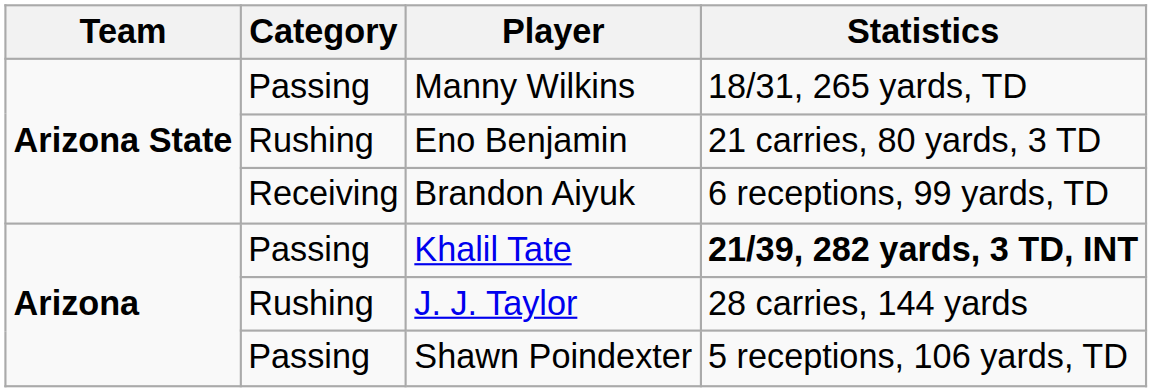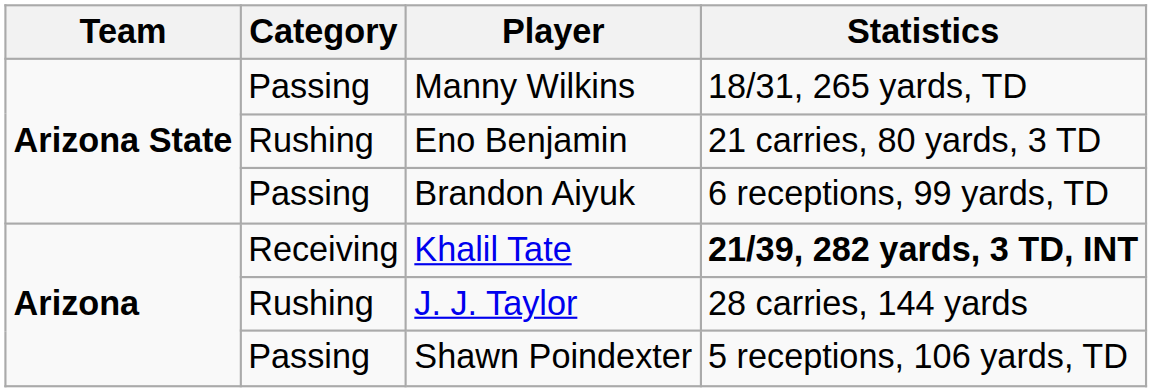 <table class="wikitable" style="float: right;">
 <tr>
 <th>Team</th>
 <th>Category</th>
 <th>Player</th>
 <th>Statistics</th>
 </tr>
 <tr>
 <td rowspan=3><strong>Arizona State</strong></td>
 <td>Passing</td>
 <td>Manny Wilkins</td>
 <td>18/31, 265 yards, TD</td>
 </tr>
 <tr>
 <td>Rushing</td>
 <td>Eno Benjamin</td>
 <td>21 carries, 80 yards, 3 TD</td>
 </tr>
 <tr>
-<td>Receiving</td>
+<td>Passing</td>
 <td>Brandon Aiyuk</td>
 <td>6 receptions, 99 yards, TD</td>
 </tr>
 <tr>
 <td rowspan=3><strong>Arizona</strong></td>
-<td>Passing</td>
+<td>Receiving</td>
 <td><a href='#'>Khalil Tate</a></td>
 <td><strong>21/39, 282 yards, 3 TD, INT</strong></td>
 </tr>
 <tr>
 <td>Rushing</td>
 <td><a href='#'>J. J. Taylor</a></td>
 <td>28 carries, 144 yards</td>
 </tr>
 <tr>
 <td>Passing</td>
 <td>Shawn Poindexter</td>
 <td>5 receptions, 106 yards, TD</td>
 </tr>
 </table>
